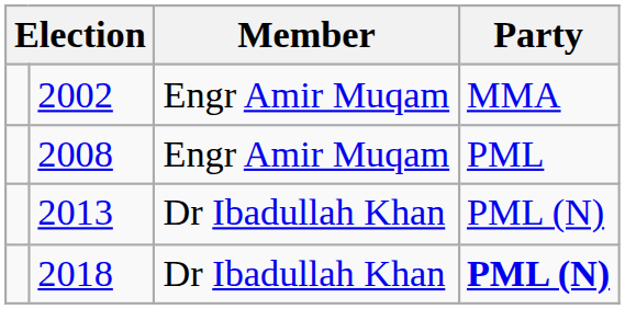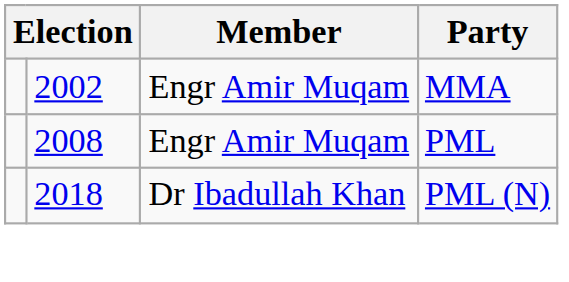 <table class="wikitable">
 <tr>
 <th colspan="2">Election</th>
 <th>Member</th>
 <th>Party</th>
 </tr>
 <tr>
 <td style="background-color: "></td>
 <td><a href='#'>2002</a></td>
 <td>Engr <a href='#'>Amir Muqam</a></td>
 <td><a href='#'>MMA</a></td>
 </tr>
 <tr>
 <td style="background-color: "></td>
 <td><a href='#'>2008</a></td>
 <td>Engr <a href='#'>Amir Muqam</a></td>
 <td><a href='#'>PML</a></td>
 </tr>
 <tr>
 <td style="background-color: "></td>
-<td><a href='#'>2013</a></td>
+<td><a href='#'>2018</a></td>
 <td>Dr <a href='#'>Ibadullah Khan</a></td>
 <td><a href='#'>PML (N)</a></td>
 </tr>
-<tr>
-<td style="background-color: "></td>
-<td><a href='#'>2018</a></td>
-<td>Dr <a href='#'>Ibadullah Khan</a></td>
-<td><strong><a href='#'>PML (N)</a></strong></td>
-</tr>
 </table>
